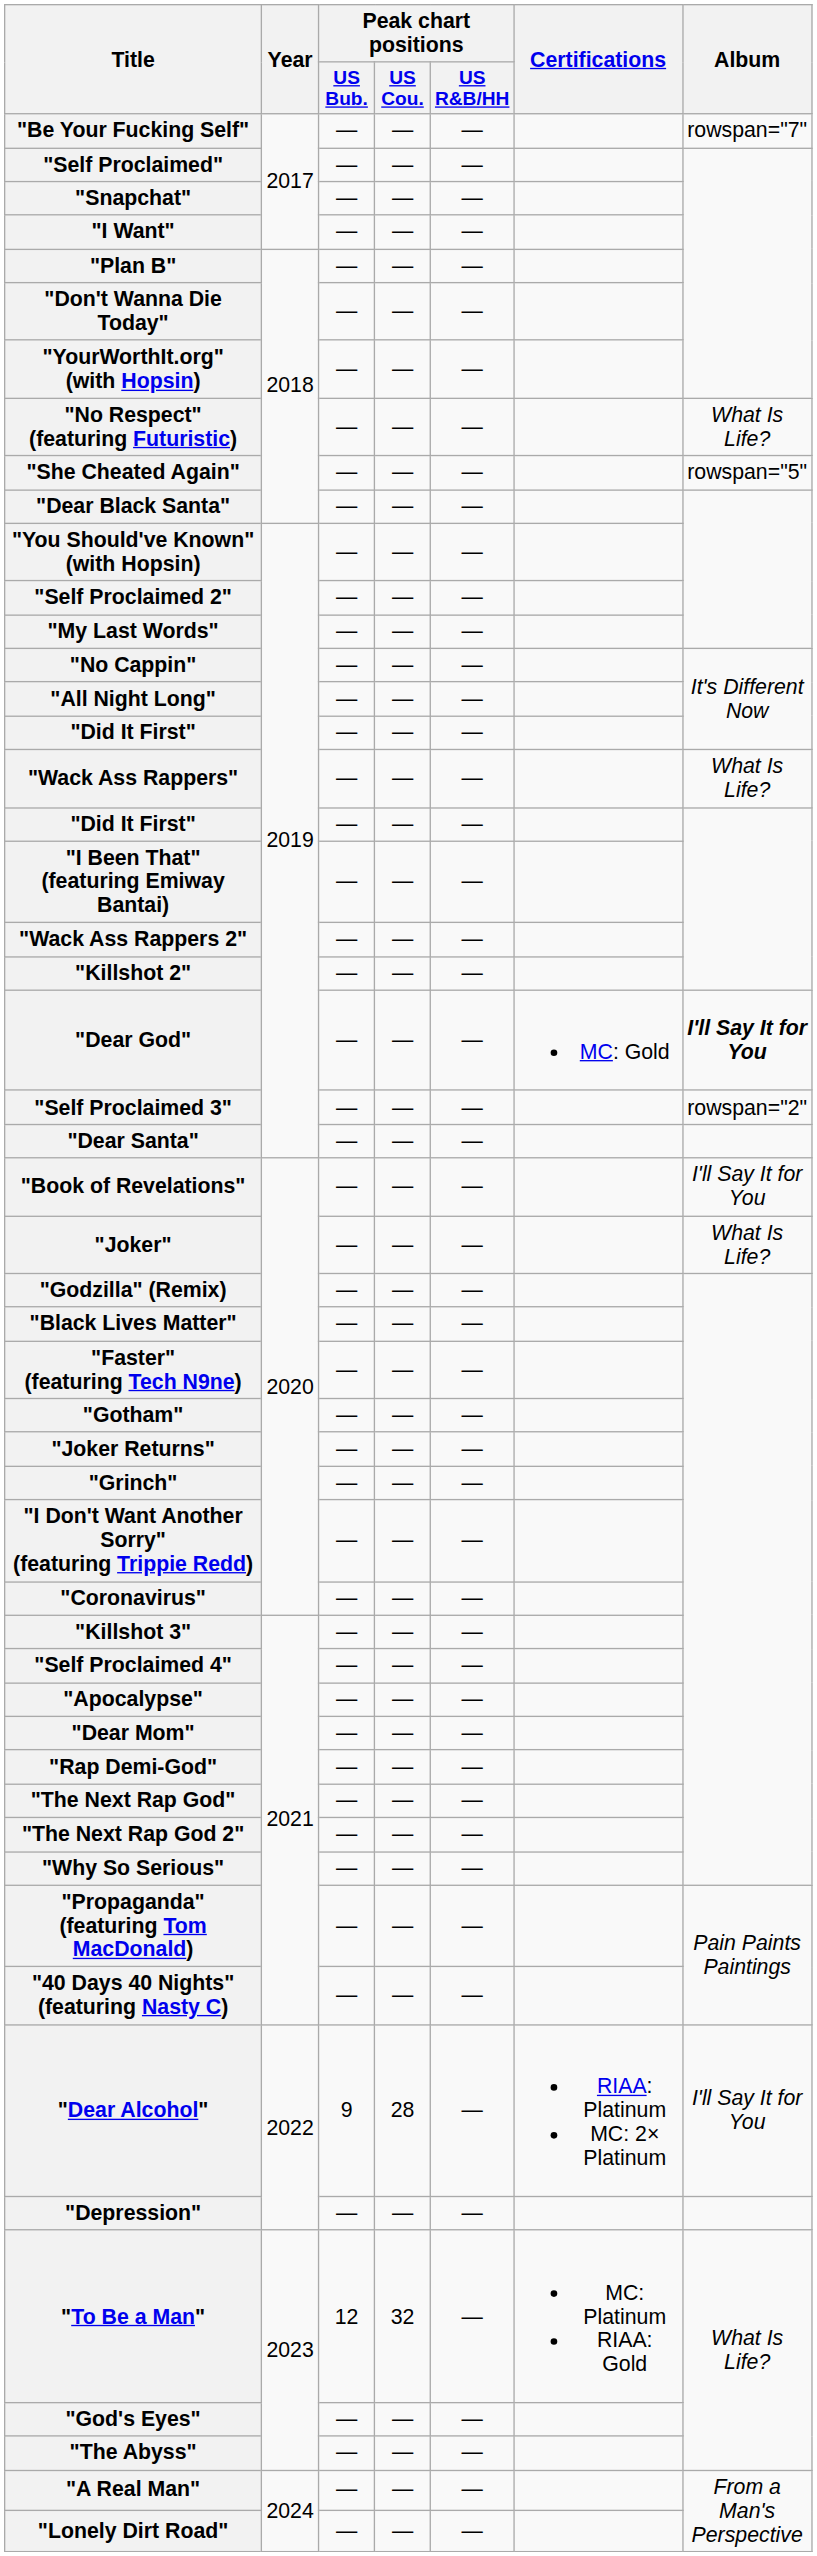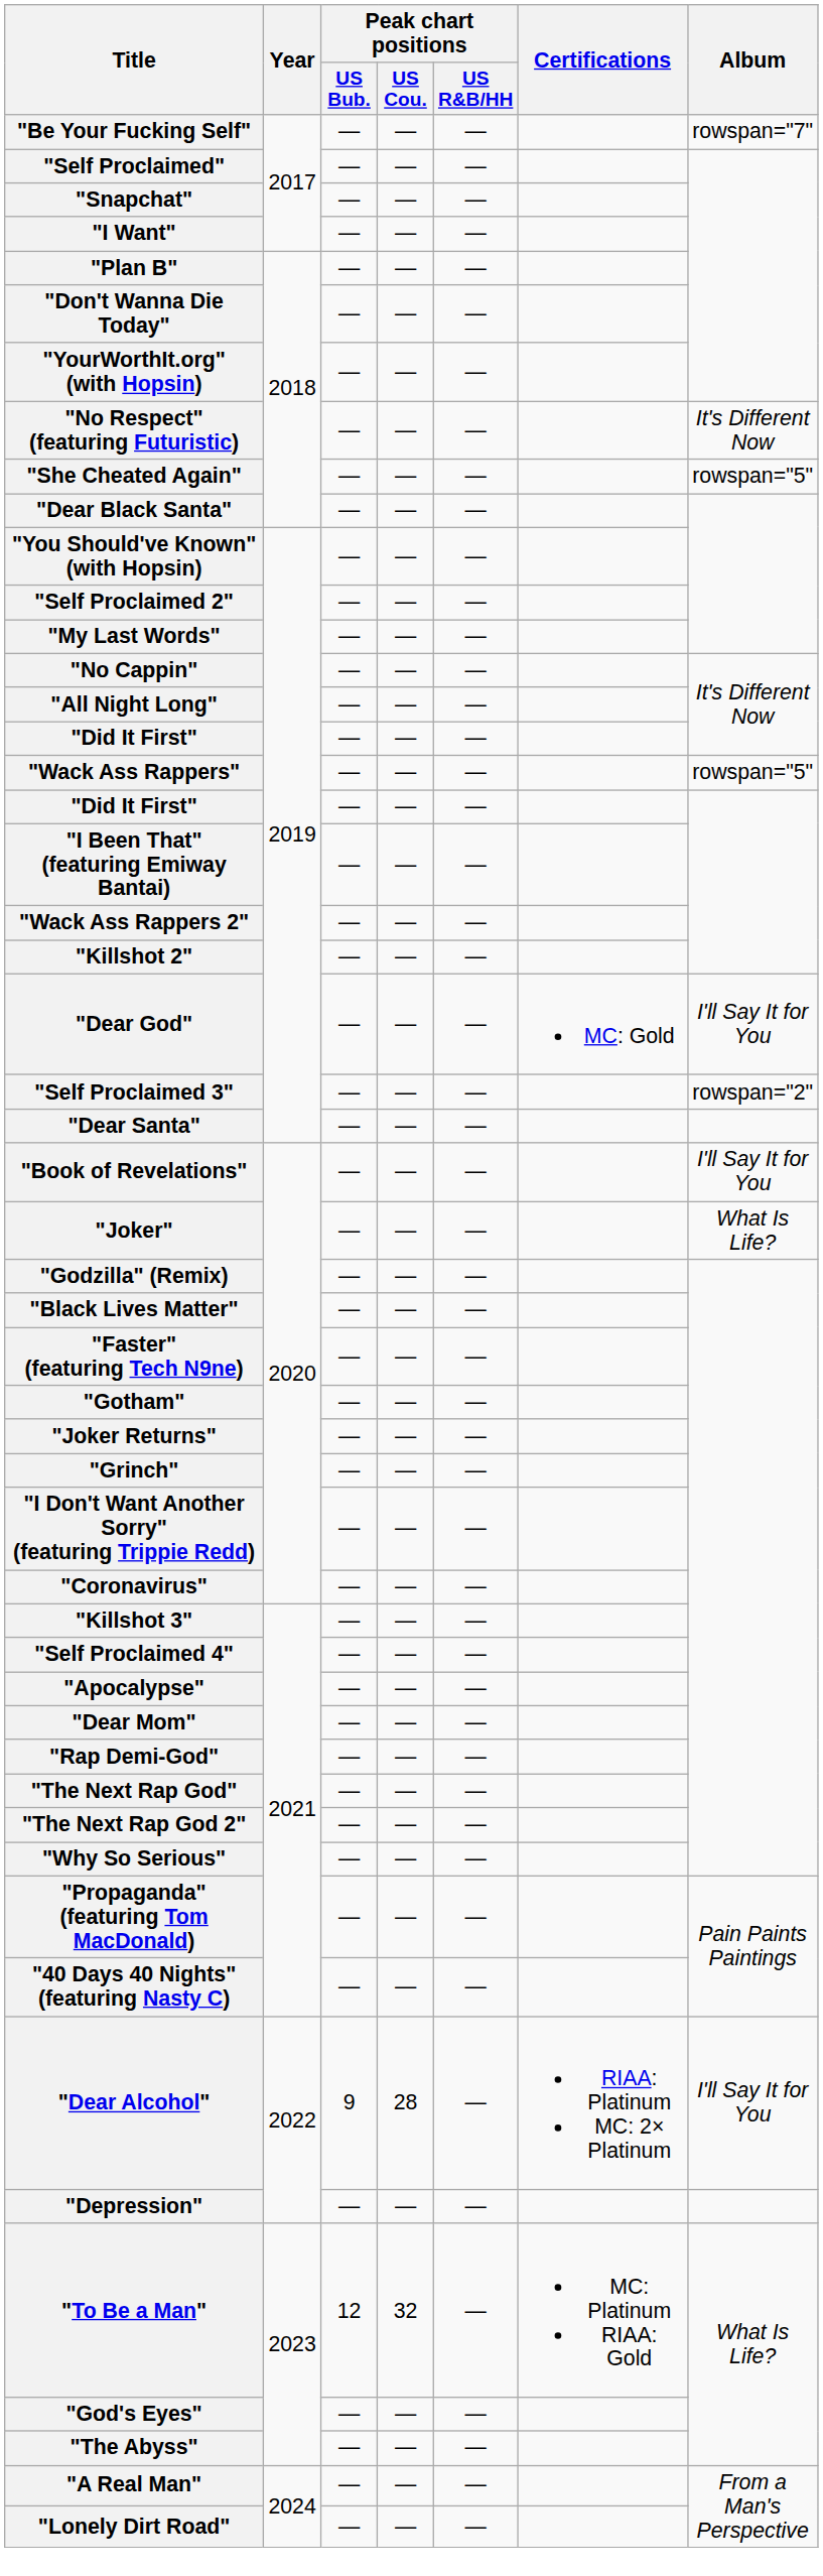 <table class="wikitable plainrowheaders" style="text-align:center;">
 <tr>
 <th scope="col" rowspan="2" style="width:19em;">Title</th>
 <th scope="col" rowspan="2">Year</th>
 <th scope="col" colspan="3">Peak chart positions</th>
 <th rowspan="2" style="width:10em;"><a href='#'>Certifications</a></th>
 <th scope="col" rowspan="2">Album</th>
 </tr>
 <tr>
 <th scope="col" style="width:3em;font-size:90%;"><a href='#'>US<br>Bub.</a><br></th>
 <th scope="col" style="width:3em;font-size:90%;"><a href='#'>US<br>Cou.</a><br></th>
 <th scope="col" style="width:2.5em;font-size:90%;"><a href='#'>US<br>R&B/HH</a></th>
 </tr>
 <tr>
 <th scope="row">"Be Your Fucking Self"</th>
 <td rowspan="4">2017</td>
 <td>—</td>
 <td>—</td>
 <td>—</td>
 <td></td>
 <td>rowspan="7" </td>
 </tr>
 <tr>
 <th scope="row">"Self Proclaimed"</th>
 <td>—</td>
 <td>—</td>
 <td>—</td>
 <td></td>
 </tr>
 <tr>
 <th scope="row">"Snapchat"</th>
 <td>—</td>
 <td>—</td>
 <td>—</td>
 <td></td>
 </tr>
 <tr>
 <th scope="row">"I Want"</th>
 <td>—</td>
 <td>—</td>
 <td>—</td>
 <td></td>
 </tr>
 <tr>
 <th scope="row">"Plan B"</th>
 <td rowspan="6">2018</td>
 <td>—</td>
 <td>—</td>
 <td>—</td>
 <td></td>
 </tr>
 <tr>
 <th scope="row">"Don't Wanna Die Today"</th>
 <td>—</td>
 <td>—</td>
 <td>—</td>
 <td></td>
 </tr>
 <tr>
 <th scope="row">"YourWorthIt.org"<br><span>(with <a href='#'>Hopsin</a>)</span></th>
 <td>—</td>
 <td>—</td>
 <td>—</td>
 <td></td>
 </tr>
 <tr>
 <th scope="row">"No Respect"<br><span>(featuring <a href='#'>Futuristic</a>)</span></th>
 <td>—</td>
 <td>—</td>
 <td>—</td>
 <td></td>
-<td><em>What Is Life?</em></td>
+<td><em>It's Different Now</em></td>
 </tr>
 <tr>
 <th scope="row">"She Cheated Again"</th>
 <td>—</td>
 <td>—</td>
 <td>—</td>
 <td></td>
 <td>rowspan="5" </td>
 </tr>
 <tr>
 <th scope="row">"Dear Black Santa"</th>
 <td>—</td>
 <td>—</td>
 <td>—</td>
 <td></td>
 </tr>
 <tr>
 <th scope="row">"You Should've Known"<br><span>(with Hopsin)</span></th>
 <td rowspan="14">2019</td>
 <td>—</td>
 <td>—</td>
 <td>—</td>
 <td></td>
 </tr>
 <tr>
 <th scope="row">"Self Proclaimed 2"</th>
 <td>—</td>
 <td>—</td>
 <td>—</td>
 <td></td>
 </tr>
 <tr>
 <th scope="row">"My Last Words"</th>
 <td>—</td>
 <td>—</td>
 <td>—</td>
 <td></td>
 </tr>
 <tr>
 <th scope="row">"No Cappin"</th>
 <td>—</td>
 <td>—</td>
 <td>—</td>
 <td></td>
 <td rowspan="3"><em>It's Different Now</em></td>
 </tr>
 <tr>
 <th scope="row">"All Night Long"</th>
 <td>—</td>
 <td>—</td>
 <td>—</td>
 <td></td>
 </tr>
 <tr>
 <th scope="row">"Did It First"</th>
 <td>—</td>
 <td>—</td>
 <td>—</td>
 <td></td>
 </tr>
 <tr>
 <th scope="row">"Wack Ass Rappers"</th>
 <td>—</td>
 <td>—</td>
 <td>—</td>
 <td></td>
-<td><em>What Is Life?</em></td>
+<td>rowspan="5" </td>
 </tr>
 <tr>
 <th scope="row">"Did It First"</th>
 <td>—</td>
 <td>—</td>
 <td>—</td>
 <td></td>
 </tr>
 <tr>
 <th scope="row">"I Been That"<br><span>(featuring Emiway Bantai)</span></th>
 <td>—</td>
 <td>—</td>
 <td>—</td>
 <td></td>
 </tr>
 <tr>
 <th scope="row">"Wack Ass Rappers 2"</th>
 <td>—</td>
 <td>—</td>
 <td>—</td>
 <td></td>
 </tr>
 <tr>
 <th scope="row">"Killshot 2"</th>
 <td>—</td>
 <td>—</td>
 <td>—</td>
 <td></td>
 </tr>
 <tr>
 <th scope="row">"Dear God"</th>
 <td>—</td>
 <td>—</td>
 <td>—</td>
 <td><br><ul><li><a href='#'>MC</a>: Gold</li></ul></td>
-<td><strong><em>I'll Say It for You</em></strong></td>
+<td><em>I'll Say It for You</em></td>
 </tr>
 <tr>
 <th scope="row">"Self Proclaimed 3"</th>
 <td>—</td>
 <td>—</td>
 <td>—</td>
 <td></td>
 <td>rowspan="2" </td>
 </tr>
 <tr>
 <th scope="row">"Dear Santa"</th>
 <td>—</td>
 <td>—</td>
 <td>—</td>
 <td></td>
 </tr>
 <tr>
 <th scope="row">"Book of Revelations"</th>
 <td rowspan="10">2020</td>
 <td>—</td>
 <td>—</td>
 <td>—</td>
 <td></td>
 <td><em>I'll Say It for You</em></td>
 </tr>
 <tr>
 <th scope="row">"Joker"</th>
 <td>—</td>
 <td>—</td>
 <td>—</td>
 <td></td>
 <td><em>What Is Life?</em></td>
 </tr>
 <tr>
 <th scope="row">"Godzilla" (Remix)</th>
 <td>—</td>
 <td>—</td>
 <td>—</td>
 <td></td>
 </tr>
 <tr>
 <th scope="row">"Black Lives Matter"</th>
 <td>—</td>
 <td>—</td>
 <td>—</td>
 <td></td>
 </tr>
 <tr>
 <th scope="row">"Faster"<br><span>(featuring <a href='#'>Tech N9ne</a>)</span></th>
 <td>—</td>
 <td>—</td>
 <td>—</td>
 <td></td>
 </tr>
 <tr>
 <th scope="row">"Gotham"</th>
 <td>—</td>
 <td>—</td>
 <td>—</td>
 <td></td>
 </tr>
 <tr>
 <th scope="row">"Joker Returns"</th>
 <td>—</td>
 <td>—</td>
 <td>—</td>
 <td></td>
 </tr>
 <tr>
 <th scope="row">"Grinch"</th>
 <td>—</td>
 <td>—</td>
 <td>—</td>
 <td></td>
 </tr>
 <tr>
 <th scope="row">"I Don't Want Another Sorry"<br><span>(featuring <a href='#'>Trippie Redd</a>)</span></th>
 <td>—</td>
 <td>—</td>
 <td>—</td>
 <td></td>
 </tr>
 <tr>
 <th scope="row">"Coronavirus"</th>
 <td>—</td>
 <td>—</td>
 <td>—</td>
 <td></td>
 </tr>
 <tr>
 <th scope="row">"Killshot 3"</th>
 <td rowspan="10">2021</td>
 <td>—</td>
 <td>—</td>
 <td>—</td>
 <td></td>
 </tr>
 <tr>
 <th scope="row">"Self Proclaimed 4"</th>
 <td>—</td>
 <td>—</td>
 <td>—</td>
 <td></td>
 </tr>
 <tr>
 <th scope="row">"Apocalypse"</th>
 <td>—</td>
 <td>—</td>
 <td>—</td>
 <td></td>
 </tr>
 <tr>
 <th scope="row">"Dear Mom"</th>
 <td>—</td>
 <td>—</td>
 <td>—</td>
 <td></td>
 </tr>
 <tr>
 <th scope="row">"Rap Demi-God"</th>
 <td>—</td>
 <td>—</td>
 <td>—</td>
 <td></td>
 </tr>
 <tr>
 <th scope="row">"The Next Rap God"</th>
 <td>—</td>
 <td>—</td>
 <td>—</td>
 <td></td>
 </tr>
 <tr>
 <th scope="row">"The Next Rap God 2"</th>
 <td>—</td>
 <td>—</td>
 <td>—</td>
 <td></td>
 </tr>
 <tr>
 <th scope="row">"Why So Serious"</th>
 <td>—</td>
 <td>—</td>
 <td>—</td>
 <td></td>
 </tr>
 <tr>
 <th scope="row">"Propaganda"<br><span>(featuring <a href='#'>Tom MacDonald</a>)</span></th>
 <td>—</td>
 <td>—</td>
 <td>—</td>
 <td></td>
 <td rowspan="2"><em>Pain Paints Paintings</em></td>
 </tr>
 <tr>
 <th scope="row">"40 Days 40 Nights"<br><span>(featuring <a href='#'>Nasty C</a>)</span></th>
 <td>—</td>
 <td>—</td>
 <td>—</td>
 <td></td>
 </tr>
 <tr>
 <th scope="row">"<a href='#'>Dear Alcohol</a>"</th>
 <td rowspan="2">2022</td>
 <td>9</td>
 <td>28</td>
 <td>—</td>
 <td><br><ul><li><a href='#'>RIAA</a>: Platinum</li><li>MC: 2× Platinum</li></ul></td>
 <td><em>I'll Say It for You</em></td>
 </tr>
 <tr>
 <th scope="row">"Depression"</th>
 <td>—</td>
 <td>—</td>
 <td>—</td>
 <td></td>
 <td></td>
 </tr>
 <tr>
 <th scope="row">"<a href='#'>To Be a Man</a>"<br></th>
 <td rowspan="3">2023</td>
 <td>12</td>
 <td>32</td>
 <td>—</td>
 <td><br><ul><li>MC: Platinum</li><li>RIAA: Gold</li></ul></td>
 <td rowspan="3"><em>What Is Life?</em></td>
 </tr>
 <tr>
 <th scope="row">"God's Eyes"</th>
 <td>—</td>
 <td>—</td>
 <td>—</td>
 <td></td>
 </tr>
 <tr>
 <th scope="row">"The Abyss"</th>
 <td>—</td>
 <td>—</td>
 <td>—</td>
 </tr>
 <tr>
 <th scope="row">"A Real Man"</th>
 <td rowspan="2">2024</td>
 <td>—</td>
 <td>—</td>
 <td>—</td>
 <td></td>
 <td rowspan="2"><em>From a Man's Perspective</em></td>
 </tr>
 <tr>
 <th scope="row">"Lonely Dirt Road"</th>
 <td>—</td>
 <td>—</td>
 <td>—</td>
 <td></td>
 </tr>
 </table>
